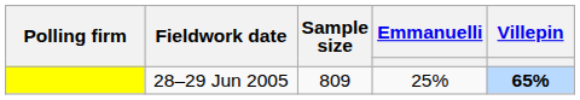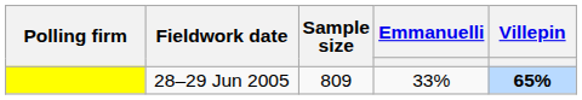 <table class="wikitable sortable" style="text-align:center;font-size:90%;line-height:14px;">
 <tr style="height:40px;">
 <th style="width:100px;" rowspan="2">Polling firm</th>
 <th style="width:110px;" rowspan="2">Fieldwork date</th>
 <th style="width:35px;" rowspan="2">Sample<br>size</th>
 <th class="unsortable" style="width:60px;"><a href='#'>Emmanuelli</a><br></th>
 <th class="unsortable" style="width:60px;"><a href='#'>Villepin</a><br></th>
 </tr>
 <tr>
 <th style="background:"></th>
 <th style="background:"></th>
 </tr>
 <tr>
 <td style="background:yellow;"></td>
 <td data-sort-value="2005-06-29">28–29 Jun 2005</td>
 <td>809</td>
-<td>25%</td>
+<td>33%</td>
 <td style="background:#B9DAFF;"><strong>65%</strong></td>
 </tr>
 </table>
